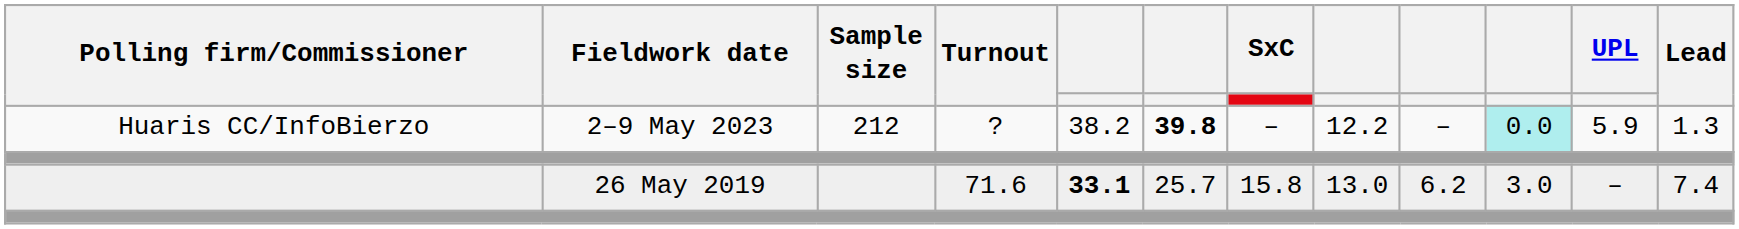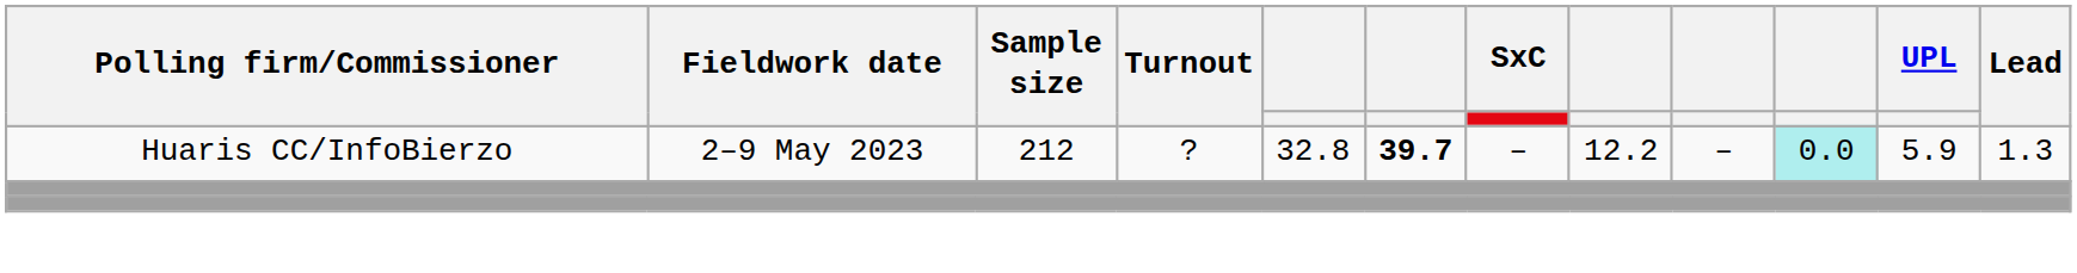 <table class="wikitable collapsible collapsed" style="text-align:center; font-size:95%; line-height:16px;">
 <tr style="height:42px;">
 <th style="width:250px;" rowspan="2">Polling firm/Commissioner</th>
 <th style="width:125px;" rowspan="2">Fieldwork date</th>
 <th style="width:50px;" rowspan="2">Sample size</th>
 <th style="width:45px;" rowspan="2">Turnout</th>
 <th style="width:35px;"></th>
 <th style="width:35px;"></th>
 <th style="width:35px;">SxC</th>
 <th style="width:35px;"></th>
 <th style="width:35px;"></th>
 <th style="width:35px;"></th>
 <th style="width:35px;"><a href='#'>UPL</a></th>
 <th style="width:30px;" rowspan="2">Lead</th>
 </tr>
 <tr>
 <th style="color:inherit;background:"></th>
 <th style="color:inherit;background:"></th>
 <th style="color:inherit;background:#E40613;"></th>
 <th style="color:inherit;background:"></th>
 <th style="color:inherit;background:"></th>
 <th style="color:inherit;background:"></th>
 <th style="color:inherit;background:"></th>
 </tr>
 <tr>
 <td>Huaris CC/InfoBierzo</td>
 <td>2–9 May 2023</td>
 <td>212</td>
 <td>?</td>
-<td>38.2<br></td>
-<td><strong>39.8</strong><br></td>
+<td>32.8<br></td>
+<td><strong>39.7</strong><br></td>
 <td>–</td>
 <td>12.2<br></td>
 <td>–</td>
 <td style="background: paleturquoise;">0.0<br></td>
 <td>5.9<br></td>
 <td style="background:">1.3</td>
 </tr>
 <tr>
 <td colspan="12" style="background:#A0A0A0"></td>
 </tr>
-<tr style="background:#EFEFEF;">
-<td><strong></strong></td>
-<td>26 May 2019</td>
-<td></td>
-<td>71.6</td>
-<td><strong>33.1</strong><br></td>
-<td>25.7<br></td>
-<td>15.8<br></td>
-<td>13.0<br></td>
-<td>6.2<br></td>
-<td>3.0<br></td>
-<td>–</td>
-<td style="background:">7.4</td>
-</tr>
 <tr>
 <td colspan="12" style="background:#A0A0A0"></td>
 </tr>
 </table>
